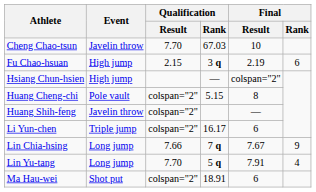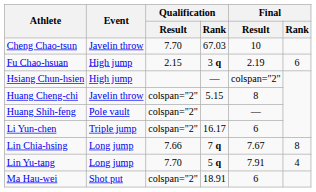 <table class="wikitable" style="font-size:90%; text-align:center">
 <tr>
 <th rowspan="2">Athlete</th>
 <th rowspan="2">Event</th>
 <th colspan="2">Qualification</th>
 <th colspan="2">Final</th>
 </tr>
 <tr>
 <th>Result</th>
 <th>Rank</th>
 <th>Result</th>
 <th>Rank</th>
 </tr>
 <tr>
 <td align="left"><a href='#'>Cheng Chao-tsun</a></td>
 <td align="left"><a href='#'>Javelin throw</a></td>
 <td>7.70</td>
 <td>67.03</td>
 <td>10</td>
 </tr>
 <tr>
 <td align="left"><a href='#'>Fu Chao-hsuan</a></td>
 <td align="left"><a href='#'>High jump</a></td>
 <td>2.15</td>
 <td>3 <strong>q</strong></td>
 <td>2.19</td>
 <td>6</td>
 </tr>
 <tr>
 <td align="left"><a href='#'>Hsiang Chun-hsien</a></td>
 <td align="left"><a href='#'>High jump</a></td>
 <td></td>
 <td>—</td>
 <td>colspan="2" </td>
 </tr>
 <tr>
 <td align="left"><a href='#'>Huang Cheng-chi</a></td>
-<td align="left"><a href='#'>Pole vault</a></td>
+<td align="left"><a href='#'>Javelin throw</a></td>
 <td>colspan="2" </td>
 <td>5.15</td>
 <td>8</td>
 </tr>
 <tr>
 <td align="left"><a href='#'>Huang Shih-feng</a></td>
-<td align="left"><a href='#'>Javelin throw</a></td>
+<td align="left"><a href='#'>Pole vault</a></td>
 <td>colspan="2" </td>
 <td></td>
 <td>—</td>
 </tr>
 <tr>
 <td align="left"><a href='#'>Li Yun-chen</a></td>
 <td align="left"><a href='#'>Triple jump</a></td>
 <td>colspan="2" </td>
 <td>16.17</td>
 <td>6</td>
 </tr>
 <tr>
 <td align="left"><a href='#'>Lin Chia-hsing</a></td>
 <td align="left"><a href='#'>Long jump</a></td>
 <td>7.66</td>
 <td>7 <strong>q</strong></td>
 <td>7.67</td>
-<td>9</td>
+<td>8</td>
 </tr>
 <tr>
 <td align="left"><a href='#'>Lin Yu-tang</a></td>
 <td align="left"><a href='#'>Long jump</a></td>
 <td>7.70</td>
 <td>5 <strong>q</strong></td>
 <td>7.91</td>
 <td>4</td>
 </tr>
 <tr>
 <td align="left"><a href='#'>Ma Hau-wei</a></td>
 <td align="left"><a href='#'>Shot put</a></td>
 <td>colspan="2" </td>
 <td>18.91</td>
 <td>6</td>
 </tr>
 </table>
